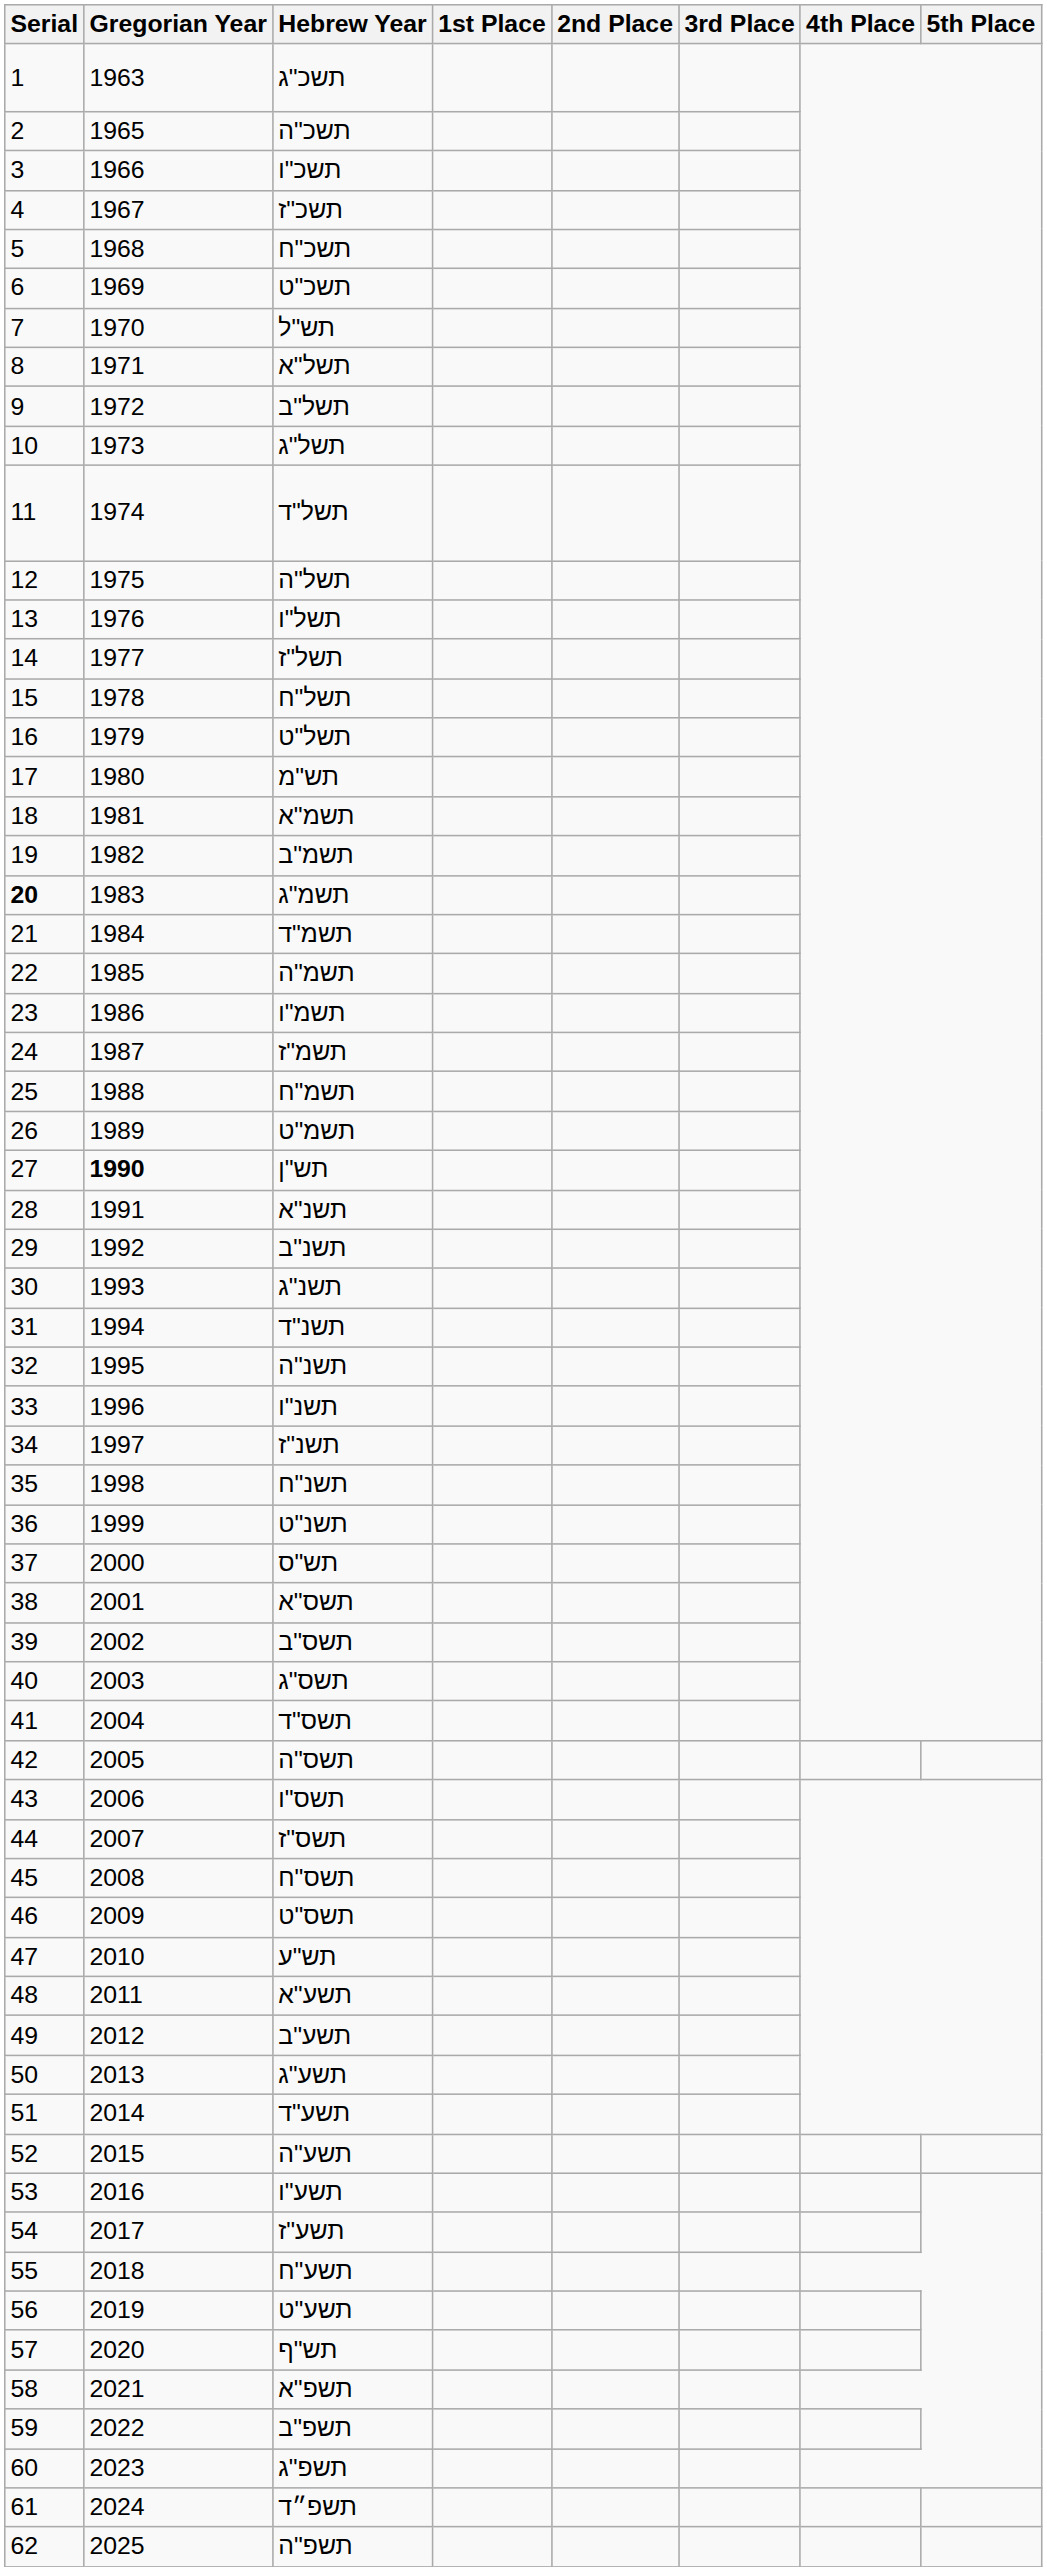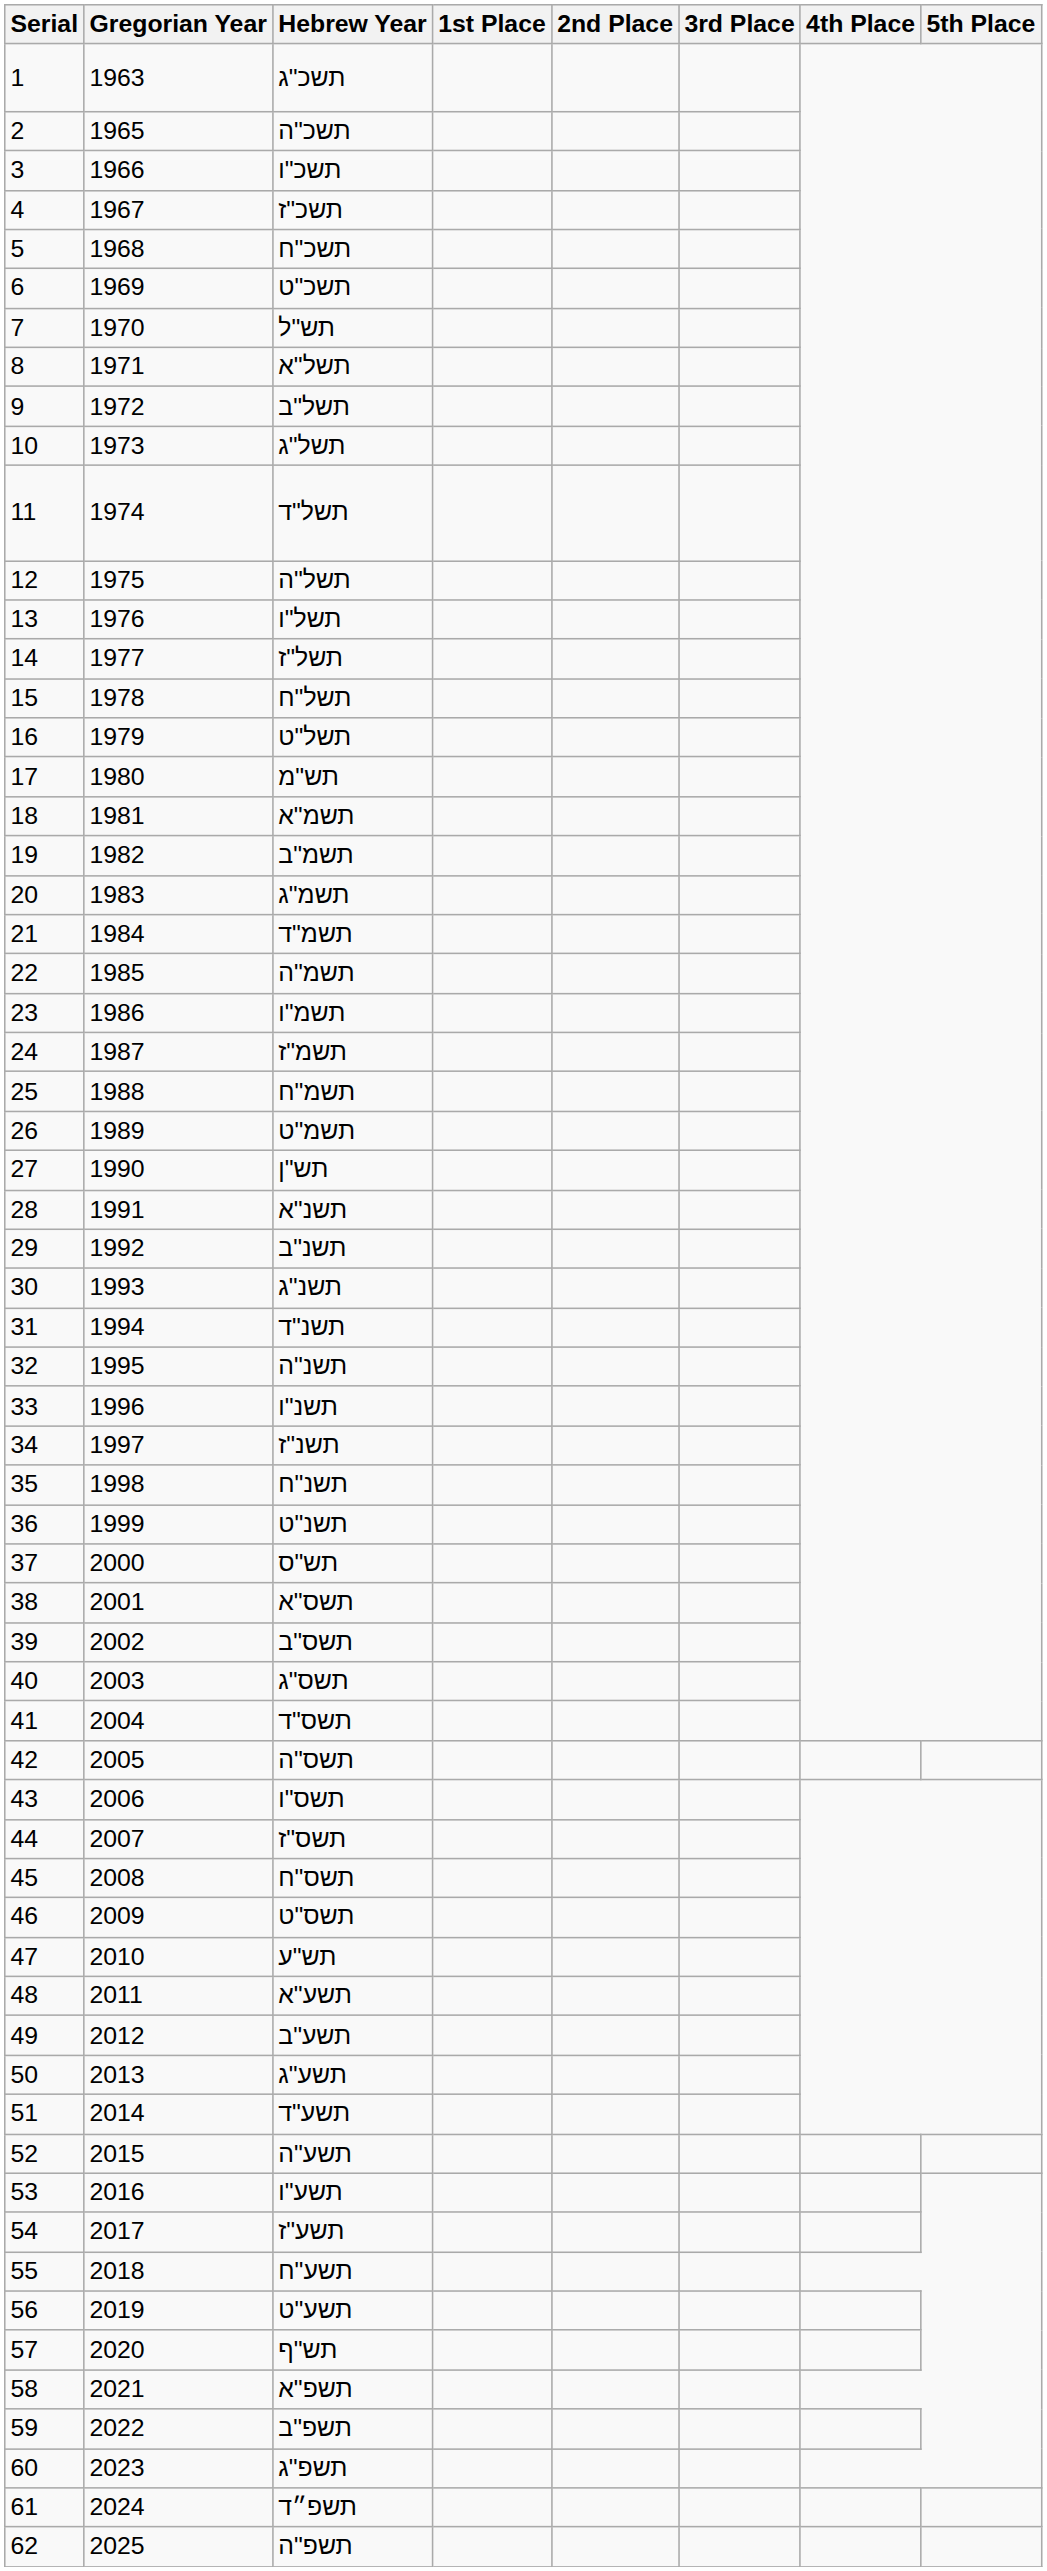 <table class="wikitable">
 <tr>
 <th>Serial</th>
 <th>Gregorian Year</th>
 <th>Hebrew Year</th>
 <th>1st Place</th>
 <th>2nd Place</th>
 <th>3rd Place</th>
 <th>4th Place</th>
 <th>5th Place</th>
 </tr>
 <tr>
 <td>1</td>
 <td>1963</td>
 <td>תשכ"ג‏</td>
 <td><br><br></td>
 <td></td>
 <td></td>
 </tr>
 <tr>
 <td>2</td>
 <td>1965</td>
 <td>תשכ"ה‏</td>
 <td></td>
 <td></td>
 <td></td>
 </tr>
 <tr>
 <td>3</td>
 <td>1966</td>
 <td>תשכ"ו‏</td>
 <td></td>
 <td></td>
 <td></td>
 </tr>
 <tr>
 <td>4</td>
 <td>1967</td>
 <td>תשכ"ז‏</td>
 <td></td>
 <td></td>
 <td></td>
 </tr>
 <tr>
 <td>5</td>
 <td>1968</td>
 <td>תשכ"ח‏</td>
 <td></td>
 <td></td>
 <td></td>
 </tr>
 <tr>
 <td>6</td>
 <td>1969</td>
 <td>תשכ"ט‏</td>
 <td></td>
 <td></td>
 <td></td>
 </tr>
 <tr>
 <td>7</td>
 <td>1970</td>
 <td>תש"ל‏</td>
 <td></td>
 <td></td>
 <td></td>
 </tr>
 <tr>
 <td>8</td>
 <td>1971</td>
 <td>תשל"א‏</td>
 <td></td>
 <td></td>
 <td></td>
 </tr>
 <tr>
 <td>9</td>
 <td>1972</td>
 <td>תשל"ב‏</td>
 <td></td>
 <td></td>
 <td></td>
 </tr>
 <tr>
 <td>10</td>
 <td>1973</td>
 <td>תשל"ג</td>
 <td></td>
 <td></td>
 <td></td>
 </tr>
 <tr>
 <td>11</td>
 <td>1974</td>
 <td>תשל"ד‏</td>
 <td><br><br><br></td>
 <td></td>
 <td></td>
 </tr>
 <tr>
 <td>12</td>
 <td>1975</td>
 <td>תשל"ה</td>
 <td></td>
 <td></td>
 <td><br></td>
 </tr>
 <tr>
 <td>13</td>
 <td>1976</td>
 <td>תשל"ו‏</td>
 <td></td>
 <td></td>
 <td></td>
 </tr>
 <tr>
 <td>14</td>
 <td>1977</td>
 <td>תשל"ז‏</td>
 <td></td>
 <td></td>
 <td></td>
 </tr>
 <tr>
 <td>15</td>
 <td>1978</td>
 <td>תשל"ח‏</td>
 <td></td>
 <td></td>
 <td></td>
 </tr>
 <tr>
 <td>16</td>
 <td>1979</td>
 <td>תשל"ט‏</td>
 <td></td>
 <td><br></td>
 <td></td>
 </tr>
 <tr>
 <td>17</td>
 <td>1980</td>
 <td>תש"מ‏</td>
 <td></td>
 <td></td>
 <td></td>
 </tr>
 <tr>
 <td>18</td>
 <td>1981</td>
 <td>תשמ"א‏</td>
 <td></td>
 <td></td>
 <td></td>
 </tr>
 <tr>
 <td>19</td>
 <td>1982</td>
 <td>תשמ"ב‏</td>
 <td></td>
 <td></td>
 <td></td>
 </tr>
 <tr>
-<td><strong>20</strong></td>
+<td>20</td>
 <td>1983</td>
 <td>תשמ"ג‏</td>
 <td></td>
 <td></td>
 <td></td>
 </tr>
 <tr>
 <td>21</td>
 <td>1984</td>
 <td>תשמ"ד</td>
 <td></td>
 <td></td>
 <td></td>
 </tr>
 <tr>
 <td>22</td>
 <td>1985</td>
 <td>תשמ"ה</td>
 <td></td>
 <td></td>
 <td><br></td>
 </tr>
 <tr>
 <td>23</td>
 <td>1986</td>
 <td>תשמ"ו‏</td>
 <td></td>
 <td><br></td>
 <td></td>
 </tr>
 <tr>
 <td>24</td>
 <td>1987</td>
 <td>תשמ"ז</td>
 <td></td>
 <td></td>
 <td></td>
 </tr>
 <tr>
 <td>25</td>
 <td>1988</td>
 <td>תשמ"ח</td>
 <td><br></td>
 <td></td>
 <td></td>
 </tr>
 <tr>
 <td>26</td>
 <td>1989</td>
 <td>תשמ"ט</td>
 <td></td>
 <td></td>
 <td></td>
 </tr>
 <tr>
 <td>27</td>
-<td><strong>1990</strong></td>
+<td>1990</td>
 <td>תש"ן</td>
 <td><br></td>
 <td></td>
 <td></td>
 </tr>
 <tr>
 <td>28</td>
 <td>1991</td>
 <td>תשנ"א</td>
 <td></td>
 <td></td>
 <td></td>
 </tr>
 <tr>
 <td>29</td>
 <td>1992</td>
 <td>תשנ"ב</td>
 <td><br></td>
 <td></td>
 <td></td>
 </tr>
 <tr>
 <td>30</td>
 <td>1993</td>
 <td>תשנ"ג</td>
 <td></td>
 <td></td>
 <td></td>
 </tr>
 <tr>
 <td>31</td>
 <td>1994</td>
 <td>תשנ"ד</td>
 <td></td>
 <td></td>
 <td></td>
 </tr>
 <tr>
 <td>32</td>
 <td>1995</td>
 <td>תשנ"ה</td>
 <td></td>
 <td></td>
 <td></td>
 </tr>
 <tr>
 <td>33</td>
 <td>1996</td>
 <td>תשנ"ו</td>
 <td></td>
 <td></td>
 <td></td>
 </tr>
 <tr>
 <td>34</td>
 <td>1997</td>
 <td>תשנ"ז</td>
 <td><br></td>
 <td></td>
 <td></td>
 </tr>
 <tr>
 <td>35</td>
 <td>1998</td>
 <td>תשנ"ח</td>
 <td></td>
 <td></td>
 <td></td>
 </tr>
 <tr>
 <td>36</td>
 <td>1999</td>
 <td>תשנ"ט</td>
 <td></td>
 <td></td>
 <td></td>
 </tr>
 <tr>
 <td>37</td>
 <td>2000</td>
 <td>תש"ס</td>
 <td></td>
 <td><br></td>
 <td></td>
 </tr>
 <tr>
 <td>38</td>
 <td>2001</td>
 <td>תשס"א‏</td>
 <td></td>
 <td></td>
 <td></td>
 </tr>
 <tr>
 <td>39</td>
 <td>2002</td>
 <td>תשס"ב</td>
 <td><br></td>
 <td></td>
 <td></td>
 </tr>
 <tr>
 <td>40</td>
 <td>2003</td>
 <td>תשס"ג‏</td>
 <td></td>
 <td></td>
 <td></td>
 </tr>
 <tr>
 <td>41</td>
 <td>2004</td>
 <td>תשס"ד‏</td>
 <td></td>
 <td></td>
 <td></td>
 </tr>
 <tr>
 <td>42</td>
 <td>2005</td>
 <td>תשס"ה‏</td>
 <td></td>
 <td></td>
 <td></td>
 <td></td>
 <td></td>
 </tr>
 <tr>
 <td>43</td>
 <td>2006</td>
 <td>תשס"ו‏</td>
 <td></td>
 <td><br></td>
 <td></td>
 </tr>
 <tr>
 <td>44</td>
 <td>2007</td>
 <td>תשס"ז‏</td>
 <td></td>
 <td></td>
 <td></td>
 </tr>
 <tr>
 <td>45</td>
 <td>2008</td>
 <td>תשס"ח‏</td>
 <td></td>
 <td></td>
 <td></td>
 </tr>
 <tr>
 <td>46</td>
 <td>2009</td>
 <td>תשס"ט‏</td>
 <td></td>
 <td></td>
 <td></td>
 </tr>
 <tr>
 <td>47</td>
 <td>2010</td>
 <td>תש"ע‏</td>
 <td></td>
 <td></td>
 <td></td>
 </tr>
 <tr>
 <td>48</td>
 <td>2011</td>
 <td>תשע"א‏</td>
 <td></td>
 <td></td>
 <td></td>
 </tr>
 <tr>
 <td>49</td>
 <td>2012</td>
 <td>תשע"ב‏</td>
 <td></td>
 <td></td>
 <td><br></td>
 </tr>
 <tr>
 <td>50</td>
 <td>2013</td>
 <td>תשע"ג‏</td>
 <td><br></td>
 <td></td>
 <td><br></td>
 </tr>
 <tr>
 <td>51</td>
 <td>2014</td>
 <td>תשע"ד‏</td>
 <td></td>
 <td></td>
 <td></td>
 </tr>
 <tr>
 <td>52</td>
 <td>2015</td>
 <td>תשע"ה‏</td>
 <td></td>
 <td></td>
 <td></td>
 <td></td>
 <td></td>
 </tr>
 <tr>
 <td rowspan="1">53</td>
 <td>2016</td>
 <td rowspan="1">תשע"ו</td>
 <td rowspan="1"></td>
 <td rowspan="1"></td>
 <td rowspan="1"></td>
 <td rowspan="1"></td>
 </tr>
 <tr>
 <td rowspan="1">54</td>
 <td>2017</td>
 <td rowspan="1">תשע"ז</td>
 <td rowspan="1"></td>
 <td rowspan="1"></td>
 <td rowspan="1"></td>
 <td rowspan="1"></td>
 </tr>
 <tr>
 <td rowspan="1">55</td>
 <td>2018</td>
 <td rowspan="1">תשע"ח</td>
 <td rowspan="1"></td>
 <td rowspan="1"></td>
 <td rowspan="1"></td>
 </tr>
 <tr>
 <td rowspan="1">56</td>
 <td>2019</td>
 <td rowspan="1">תשע"ט</td>
 <td rowspan="1"></td>
 <td rowspan="1"></td>
 <td rowspan="1"></td>
 <td rowspan="1"></td>
 </tr>
 <tr>
 <td>57</td>
 <td>2020</td>
 <td>תש"ף</td>
 <td></td>
 <td></td>
 <td></td>
 <td></td>
 </tr>
 <tr>
 <td>58</td>
 <td>2021</td>
 <td>תשפ"א</td>
 <td></td>
 <td></td>
 <td></td>
 </tr>
 <tr>
 <td>59</td>
 <td>2022</td>
 <td>תשפ"ב</td>
 <td><br></td>
 <td></td>
 <td></td>
 <td></td>
 </tr>
 <tr>
 <td>60</td>
 <td>2023</td>
 <td>תשפ"ג</td>
 <td></td>
 <td></td>
 <td></td>
 </tr>
 <tr>
 <td>61</td>
 <td>2024</td>
 <td>תשפ״ד</td>
 <td><br></td>
 <td></td>
 <td></td>
 <td></td>
 <td></td>
 </tr>
 <tr>
 <td>62</td>
 <td>2025</td>
 <td>תשפ"ה</td>
 <td></td>
 <td></td>
 <td></td>
 <td></td>
 <td></td>
 </tr>
 </table>
